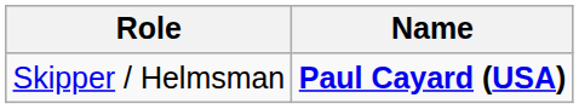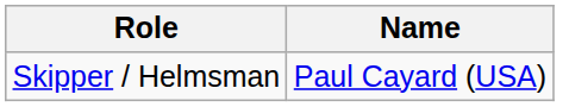 <table class="wikitable">
 <tr>
 <th>Role</th>
 <th>Name</th>
 </tr>
 <tr>
 <td><a href='#'>Skipper</a> / Helmsman</td>
-<td><strong><a href='#'>Paul Cayard</a> (<a href='#'>USA</a>)</strong></td>
+<td><a href='#'>Paul Cayard</a> (<a href='#'>USA</a>)</td>
 </tr>
 </table>
